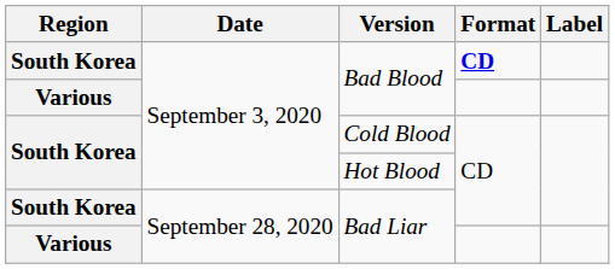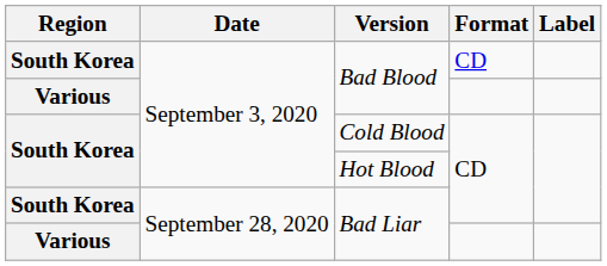 <table class="wikitable plainrowheaders">
 <tr>
 <th scope="col">Region</th>
 <th scope="col">Date</th>
 <th scope="col">Version</th>
 <th scope="col">Format</th>
 <th scope="col">Label</th>
 </tr>
 <tr>
 <th scope="row">South Korea</th>
 <td rowspan="4">September 3, 2020</td>
 <td rowspan="2"><em>Bad Blood</em></td>
-<td><strong><a href='#'>CD</a></strong></td>
+<td><a href='#'>CD</a></td>
 <td></td>
 </tr>
 <tr>
 <th scope="row">Various </th>
 <td></td>
 <td></td>
 </tr>
 <tr ! scope="row" rowspan="3"| South Korea>
 <th scope="row" rowspan="2">South Korea</th>
 <td><em>Cold Blood</em></td>
 <td rowspan="3">CD</td>
 <td rowspan="3"></td>
 </tr>
 <tr>
 <td><em>Hot Blood</em></td>
 </tr>
 <tr>
 <th scope="row">South Korea</th>
 <td rowspan="2">September 28, 2020</td>
 <td rowspan="2"><em>Bad Liar</em></td>
 </tr>
 <tr>
 <th scope="row">Various </th>
 <td></td>
 <td></td>
 </tr>
 </table>
